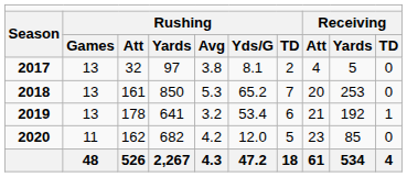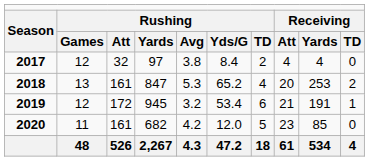 <table class=wikitable style="text-align:center;">
 <tr>
 <td ! colspan="10"></td>
 </tr>
 <tr>
 <th rowspan=2>Season</th>
 <th colspan=6>Rushing</th>
 <th colspan=3>Receiving</th>
 </tr>
 <tr>
 <th>Games</th>
 <th>Att</th>
 <th>Yards</th>
 <th>Avg</th>
 <th>Yds/G</th>
 <th>TD</th>
 <th>Att</th>
 <th>Yards</th>
 <th>TD</th>
 </tr>
 <tr>
 <td><strong>2017</strong></td>
-<td>13</td>
+<td>12</td>
 <td>32</td>
 <td>97</td>
 <td>3.8</td>
-<td>8.1</td>
+<td>8.4</td>
 <td>2</td>
 <td>4</td>
-<td>5</td>
+<td>4</td>
 <td>0</td>
 </tr>
 <tr>
 <td><strong>2018</strong></td>
 <td>13</td>
 <td>161</td>
-<td>850</td>
+<td>847</td>
 <td>5.3</td>
 <td>65.2</td>
-<td>7</td>
+<td>4</td>
 <td>20</td>
 <td>253</td>
-<td>0</td>
+<td>2</td>
 </tr>
 <tr>
 <td><strong>2019</strong></td>
-<td>13</td>
-<td>178</td>
-<td>641</td>
+<td>12</td>
+<td>172</td>
+<td>945</td>
 <td>3.2</td>
 <td>53.4</td>
 <td>6</td>
 <td>21</td>
-<td>192</td>
+<td>191</td>
 <td>1</td>
 </tr>
 <tr>
 <td><strong>2020</strong></td>
 <td>11</td>
-<td>162</td>
+<td>161</td>
 <td>682</td>
 <td>4.2</td>
 <td>12.0</td>
 <td>5</td>
 <td>23</td>
 <td>85</td>
 <td>0</td>
 </tr>
 <tr>
 <th></th>
 <th>48</th>
 <th>526</th>
 <th>2,267</th>
 <th>4.3</th>
 <th>47.2</th>
 <th>18</th>
 <th>61</th>
 <th>534</th>
 <th>4</th>
 </tr>
 </table>
